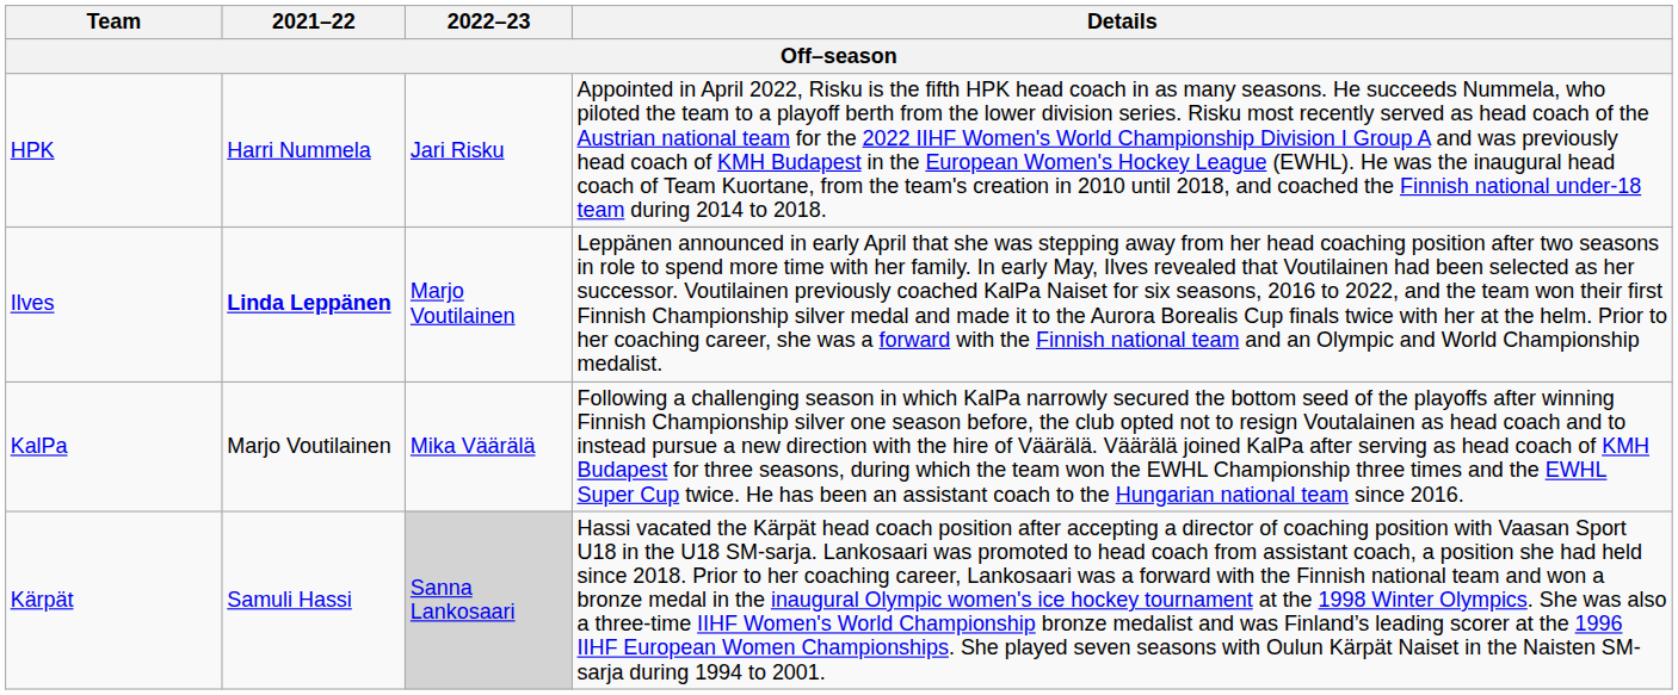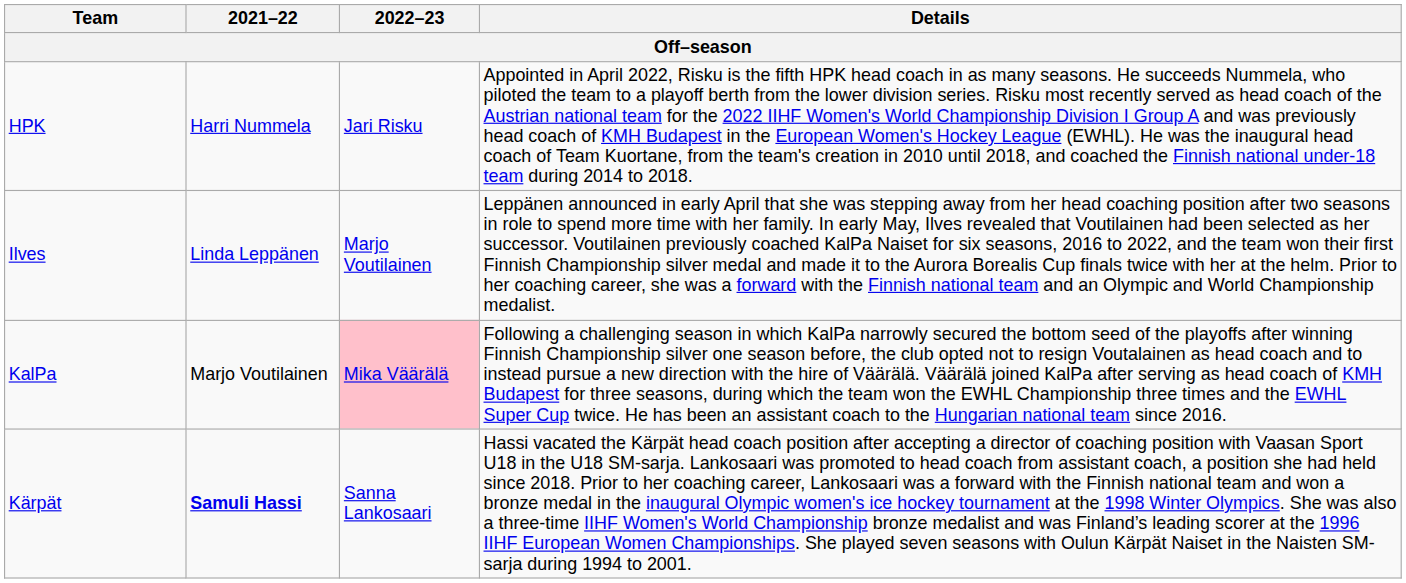 <table class="wikitable">
 <tr>
 <th style="width:13%;">Team</th>
 <th style="width:11%;">2021–22</th>
 <th style="width:10%;">2022–23</th>
 <th>Details</th>
 </tr>
 <tr>
 <th colspan="4">Off–season</th>
 </tr>
 <tr>
 <td><a href='#'>HPK</a></td>
 <td><a href='#'>Harri Nummela</a></td>
 <td><a href='#'>Jari Risku</a></td>
 <td>Appointed in April 2022, Risku is the fifth HPK head coach in as many seasons. He succeeds Nummela, who piloted the team to a playoff berth from the lower division series. Risku most recently served as head coach of the <a href='#'>Austrian national team</a> for the <a href='#'>2022 IIHF Women's World Championship Division I Group A</a> and was previously head coach of <a href='#'>KMH Budapest</a> in the <a href='#'>European Women's Hockey League</a> (EWHL). He was the inaugural head coach of Team Kuortane, from the team's creation in 2010 until 2018, and coached the <a href='#'>Finnish national under-18 team</a> during 2014 to 2018.</td>
 </tr>
 <tr>
 <td><a href='#'>Ilves</a></td>
-<td><strong><a href='#'>Linda Leppänen</a></strong></td>
+<td><a href='#'>Linda Leppänen</a></td>
 <td><a href='#'>Marjo Voutilainen</a></td>
 <td>Leppänen announced in early April that she was stepping away from her head coaching position after two seasons in role to spend more time with her family. In early May, Ilves revealed that Voutilainen had been selected as her successor. Voutilainen previously coached KalPa Naiset for six seasons, 2016 to 2022, and the team won their first Finnish Championship silver medal and made it to the Aurora Borealis Cup finals twice with her at the helm. Prior to her coaching career, she was a <a href='#'>forward</a> with the <a href='#'>Finnish national team</a> and an Olympic and World Championship medalist.</td>
 </tr>
 <tr>
 <td><a href='#'>KalPa</a></td>
 <td>Marjo Voutilainen</td>
-<td><a href='#'>Mika Väärälä</a></td>
+<td style="background: pink;"><a href='#'>Mika Väärälä</a></td>
 <td>Following a challenging season in which KalPa narrowly secured the bottom seed of the playoffs after winning Finnish Championship silver one season before, the club opted not to resign Voutalainen as head coach and to instead pursue a new direction with the hire of Väärälä. Väärälä joined KalPa after serving as head coach of <a href='#'>KMH Budapest</a> for three seasons, during which the team won the EWHL Championship three times and the <a href='#'>EWHL Super Cup</a> twice. He has been an assistant coach to the <a href='#'>Hungarian national team</a> since 2016.</td>
 </tr>
 <tr>
 <td><a href='#'>Kärpät</a></td>
-<td><a href='#'>Samuli Hassi</a></td>
-<td style="background: lightgrey;"><a href='#'>Sanna Lankosaari</a></td>
+<td><strong><a href='#'>Samuli Hassi</a></strong></td>
+<td><a href='#'>Sanna Lankosaari</a></td>
 <td>Hassi vacated the Kärpät head coach position after accepting a director of coaching position with Vaasan Sport U18 in the U18 SM-sarja. Lankosaari was promoted to head coach from assistant coach, a position she had held since 2018. Prior to her coaching career, Lankosaari was a forward with the Finnish national team and won a bronze medal in the <a href='#'>inaugural Olympic women's ice hockey tournament</a> at the <a href='#'>1998 Winter Olympics</a>. She was also a three-time <a href='#'>IIHF Women's World Championship</a> bronze medalist and was Finland’s leading scorer at the <a href='#'>1996 IIHF European Women Championships</a>. She played seven seasons with Oulun Kärpät Naiset in the Naisten SM-sarja during 1994 to 2001.</td>
 </tr>
 </table>
